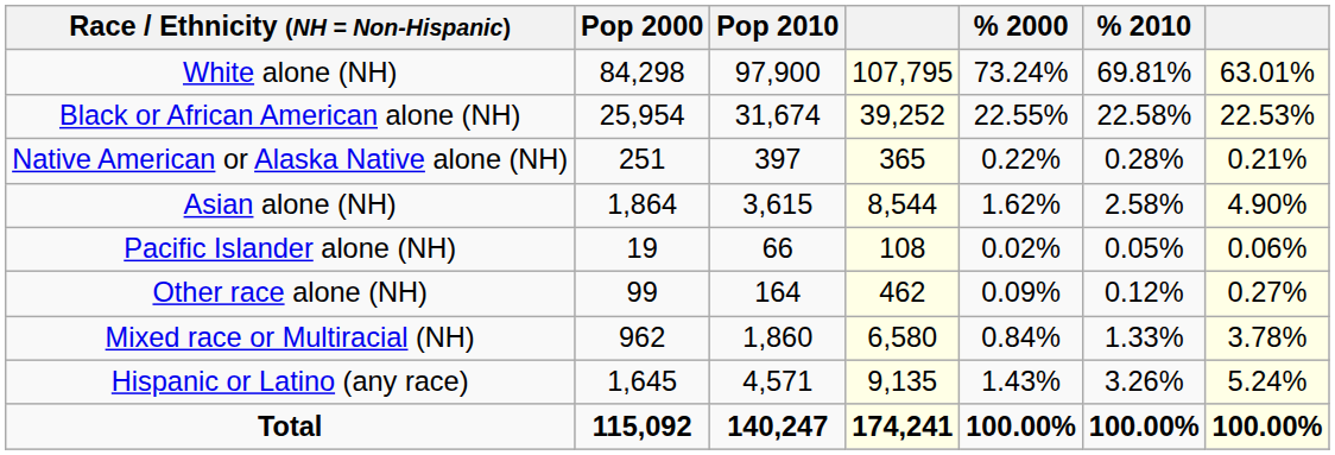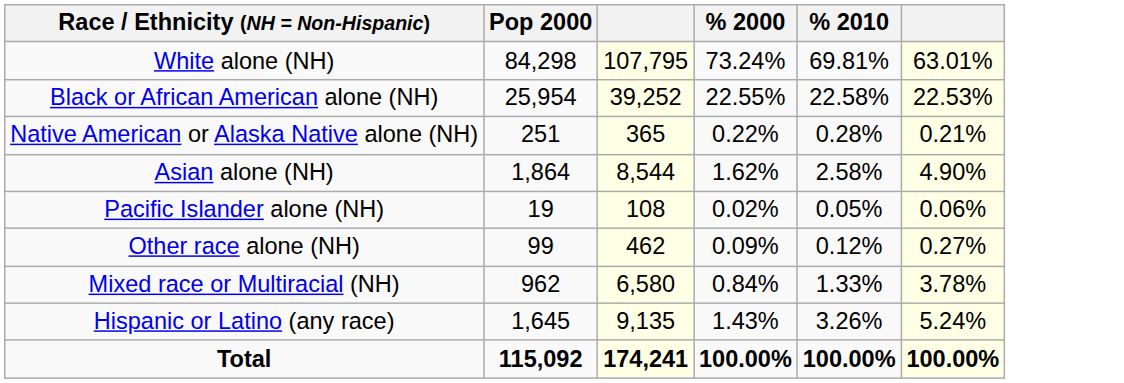 <table class="wikitable" style="text-align:center;">
 <tr>
 <th>Race / Ethnicity <small>(<em>NH = Non-Hispanic</em>)</small></th>
 <th>Pop 2000</th>
-<th>Pop 2010</th>
 <th></th>
 <th>% 2000</th>
 <th>% 2010</th>
 <th></th>
 </tr>
 <tr>
 <td><a href='#'>White</a> alone (NH)</td>
 <td>84,298</td>
-<td>97,900</td>
 <td style='background: #ffffe6;'>107,795</td>
 <td>73.24%</td>
 <td>69.81%</td>
 <td style='background: #ffffe6;'>63.01%</td>
 </tr>
 <tr>
 <td><a href='#'>Black or African American</a> alone (NH)</td>
 <td>25,954</td>
-<td>31,674</td>
 <td style='background: #ffffe6;'>39,252</td>
 <td>22.55%</td>
 <td>22.58%</td>
 <td style='background: #ffffe6;'>22.53%</td>
 </tr>
 <tr>
 <td><a href='#'>Native American</a> or <a href='#'>Alaska Native</a> alone (NH)</td>
 <td>251</td>
-<td>397</td>
 <td style='background: #ffffe6;'>365</td>
 <td>0.22%</td>
 <td>0.28%</td>
 <td style='background: #ffffe6;'>0.21%</td>
 </tr>
 <tr>
 <td><a href='#'>Asian</a> alone (NH)</td>
 <td>1,864</td>
-<td>3,615</td>
 <td style='background: #ffffe6;'>8,544</td>
 <td>1.62%</td>
 <td>2.58%</td>
 <td style='background: #ffffe6;'>4.90%</td>
 </tr>
 <tr>
 <td><a href='#'>Pacific Islander</a> alone (NH)</td>
 <td>19</td>
-<td>66</td>
 <td style='background: #ffffe6;'>108</td>
 <td>0.02%</td>
 <td>0.05%</td>
 <td style='background: #ffffe6;'>0.06%</td>
 </tr>
 <tr>
 <td><a href='#'>Other race</a> alone (NH)</td>
 <td>99</td>
-<td>164</td>
 <td style='background: #ffffe6;'>462</td>
 <td>0.09%</td>
 <td>0.12%</td>
 <td style='background: #ffffe6;'>0.27%</td>
 </tr>
 <tr>
 <td><a href='#'>Mixed race or Multiracial</a> (NH)</td>
 <td>962</td>
-<td>1,860</td>
 <td style='background: #ffffe6;'>6,580</td>
 <td>0.84%</td>
 <td>1.33%</td>
 <td style='background: #ffffe6;'>3.78%</td>
 </tr>
 <tr>
 <td><a href='#'>Hispanic or Latino</a> (any race)</td>
 <td>1,645</td>
-<td>4,571</td>
 <td style='background: #ffffe6;'>9,135</td>
 <td>1.43%</td>
 <td>3.26%</td>
 <td style='background: #ffffe6;'>5.24%</td>
 </tr>
 <tr>
 <td><strong>Total</strong></td>
 <td><strong>115,092</strong></td>
-<td><strong>140,247</strong></td>
 <td style='background: #ffffe6;'><strong>174,241</strong></td>
 <td><strong>100.00%</strong></td>
 <td><strong>100.00%</strong></td>
 <td style='background: #ffffe6;'><strong>100.00%</strong></td>
 </tr>
 </table>
